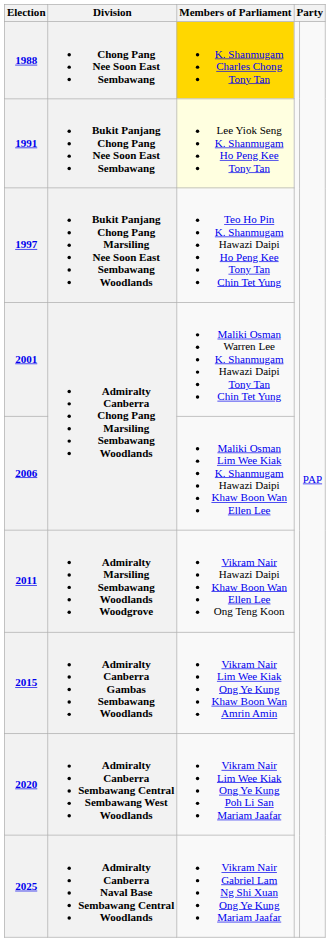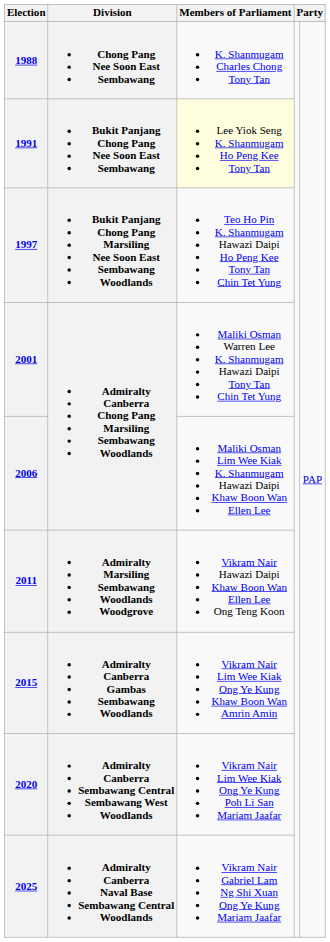 <table class="wikitable" align="center" style="text-align:center">
 <tr>
 <th>Election</th>
 <th>Division</th>
 <th>Members of Parliament</th>
 <th colspan="2">Party</th>
 </tr>
 <tr>
 <th><a href='#'>1988</a></th>
 <th><br><ul><li>Chong Pang</li><li>Nee Soon East</li><li>Sembawang</li></ul></th>
-<td style="background: gold;"><br><ul><li><a href='#'>K. Shanmugam</a></li><li><a href='#'>Charles Chong</a></li><li><a href='#'>Tony Tan</a></li></ul></td>
+<td><br><ul><li><a href='#'>K. Shanmugam</a></li><li><a href='#'>Charles Chong</a></li><li><a href='#'>Tony Tan</a></li></ul></td>
 <td rowspan="9"></td>
 <td rowspan="9"><a href='#'>PAP</a></td>
 </tr>
 <tr>
 <th><a href='#'>1991</a></th>
 <th><br><ul><li>Bukit Panjang</li><li>Chong Pang</li><li>Nee Soon East</li><li>Sembawang</li></ul></th>
 <td style="background: lightyellow;"><br><ul><li>Lee Yiok Seng</li><li><a href='#'>K. Shanmugam</a></li><li><a href='#'>Ho Peng Kee</a></li><li><a href='#'>Tony Tan</a></li></ul></td>
 </tr>
 <tr>
 <th><a href='#'>1997</a></th>
 <th><br><ul><li>Bukit Panjang</li><li>Chong Pang</li><li>Marsiling</li><li>Nee Soon East</li><li>Sembawang</li><li>Woodlands</li></ul></th>
 <td><br><ul><li><a href='#'>Teo Ho Pin</a></li><li><a href='#'>K. Shanmugam</a></li><li>Hawazi Daipi</li><li><a href='#'>Ho Peng Kee</a></li><li><a href='#'>Tony Tan</a></li><li><a href='#'>Chin Tet Yung</a></li></ul></td>
 </tr>
 <tr>
 <th><a href='#'>2001</a></th>
 <th rowspan=2><br><ul><li>Admiralty</li><li>Canberra</li><li>Chong Pang</li><li>Marsiling</li><li>Sembawang</li><li>Woodlands</li></ul></th>
 <td><br><ul><li><a href='#'>Maliki Osman</a></li><li>Warren Lee</li><li><a href='#'>K. Shanmugam</a></li><li>Hawazi Daipi</li><li><a href='#'>Tony Tan</a></li><li><a href='#'>Chin Tet Yung</a></li></ul></td>
 </tr>
 <tr>
 <th><a href='#'>2006</a></th>
 <td><br><ul><li><a href='#'>Maliki Osman</a></li><li><a href='#'>Lim Wee Kiak</a></li><li><a href='#'>K. Shanmugam</a></li><li>Hawazi Daipi</li><li><a href='#'>Khaw Boon Wan</a></li><li><a href='#'>Ellen Lee</a></li></ul></td>
 </tr>
 <tr>
 <th><a href='#'>2011</a></th>
 <th><br><ul><li>Admiralty</li><li>Marsiling</li><li>Sembawang</li><li>Woodlands</li><li>Woodgrove</li></ul></th>
 <td><br><ul><li><a href='#'>Vikram Nair</a></li><li>Hawazi Daipi</li><li><a href='#'>Khaw Boon Wan</a></li><li><a href='#'>Ellen Lee</a></li><li>Ong Teng Koon</li></ul></td>
 </tr>
 <tr>
 <th><a href='#'>2015</a></th>
 <th><br><ul><li>Admiralty</li><li>Canberra</li><li>Gambas</li><li>Sembawang</li><li>Woodlands</li></ul></th>
 <td><br><ul><li><a href='#'>Vikram Nair</a></li><li><a href='#'>Lim Wee Kiak</a></li><li><a href='#'>Ong Ye Kung</a></li><li><a href='#'>Khaw Boon Wan</a></li><li><a href='#'>Amrin Amin</a></li></ul></td>
 </tr>
 <tr>
 <th><a href='#'>2020</a></th>
 <th><br><ul><li>Admiralty</li><li>Canberra</li><li>Sembawang Central</li><li>Sembawang West</li><li>Woodlands</li></ul></th>
 <td><br><ul><li><a href='#'>Vikram Nair</a></li><li><a href='#'>Lim Wee Kiak</a></li><li><a href='#'>Ong Ye Kung</a></li><li><a href='#'>Poh Li San</a></li><li><a href='#'>Mariam Jaafar</a></li></ul></td>
 </tr>
 <tr>
 <th><a href='#'>2025</a></th>
 <th><br><ul><li>Admiralty</li><li>Canberra</li><li>Naval Base</li><li>Sembawang Central</li><li>Woodlands</li></ul></th>
 <td><br><ul><li><a href='#'>Vikram Nair</a></li><li><a href='#'>Gabriel Lam</a></li><li><a href='#'>Ng Shi Xuan</a></li><li><a href='#'>Ong Ye Kung</a></li><li><a href='#'>Mariam Jaafar</a></li></ul></td>
 </tr>
 </table>
